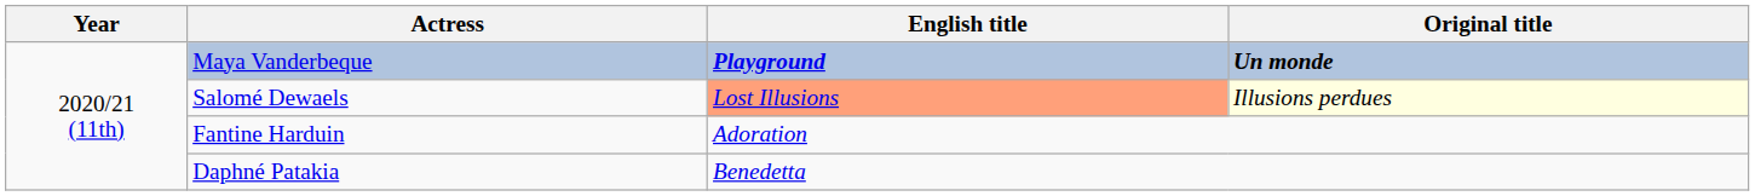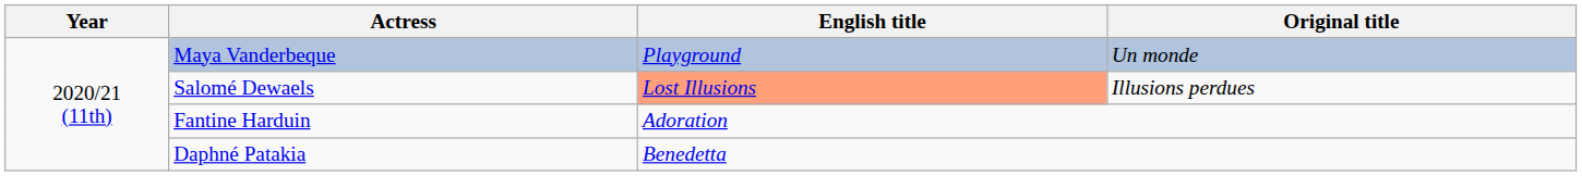 <table class="wikitable" width="95%" cellpadding="5">
 <tr>
 <th width="100"><strong>Year</strong></th>
 <th width="300"><strong>Actress</strong></th>
 <th width="300"><strong>English title</strong></th>
 <th width="300"><strong>Original title</strong></th>
 </tr>
 <tr>
 <td rowspan="4" style="text-align:center;">2020/21<br><a href='#'>(11th)</a></td>
 <td style="background:#B0C4DE;"><a href='#'>Maya Vanderbeque</a></td>
-<td style="background:#B0C4DE;"><strong><em><a href='#'>Playground</a></em></strong></td>
-<td style="background:#B0C4DE;"><strong><em>Un monde</em></strong></td>
+<td style="background:#B0C4DE;"><em><a href='#'>Playground</a></em></td>
+<td style="background:#B0C4DE;"><em>Un monde</em></td>
 </tr>
 <tr>
 <td><a href='#'>Salomé Dewaels</a></td>
 <td style="background: lightsalmon;"><em><a href='#'>Lost Illusions</a></em></td>
-<td style="background: lightyellow;"><em>Illusions perdues</em></td>
+<td><em>Illusions perdues</em></td>
 </tr>
 <tr>
 <td><a href='#'>Fantine Harduin</a></td>
 <td colspan="2"><em><a href='#'>Adoration</a></em></td>
 </tr>
 <tr>
 <td><a href='#'>Daphné Patakia</a></td>
 <td colspan="2"><em><a href='#'>Benedetta</a></em></td>
 </tr>
 </table>
